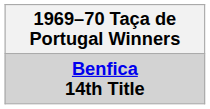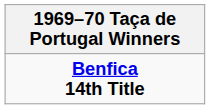 <table class="wikitable" style="text-align: center; margin: 0 auto; width: 20%">
 <tr>
 <th>1969–70 Taça de Portugal Winners</th>
 </tr>
 <tr>
-<td style="background: lightgrey;"><strong><a href='#'>Benfica</a></strong><br><strong>14th Title</strong></td>
+<td><strong><a href='#'>Benfica</a></strong><br><strong>14th Title</strong></td>
 </tr>
 </table>
